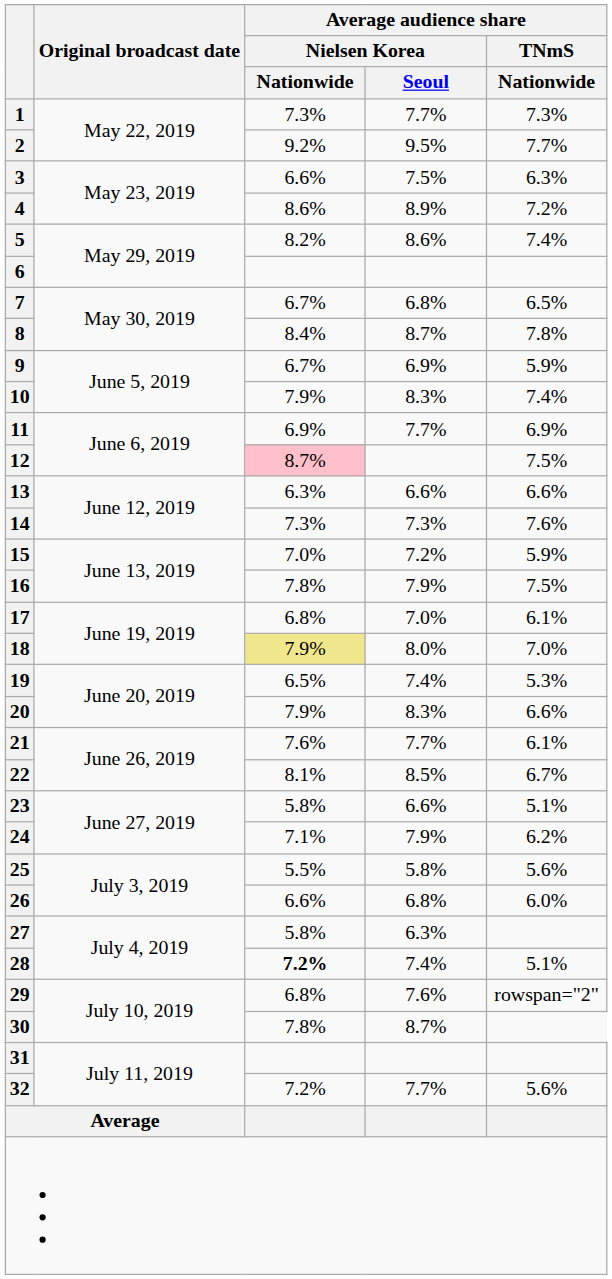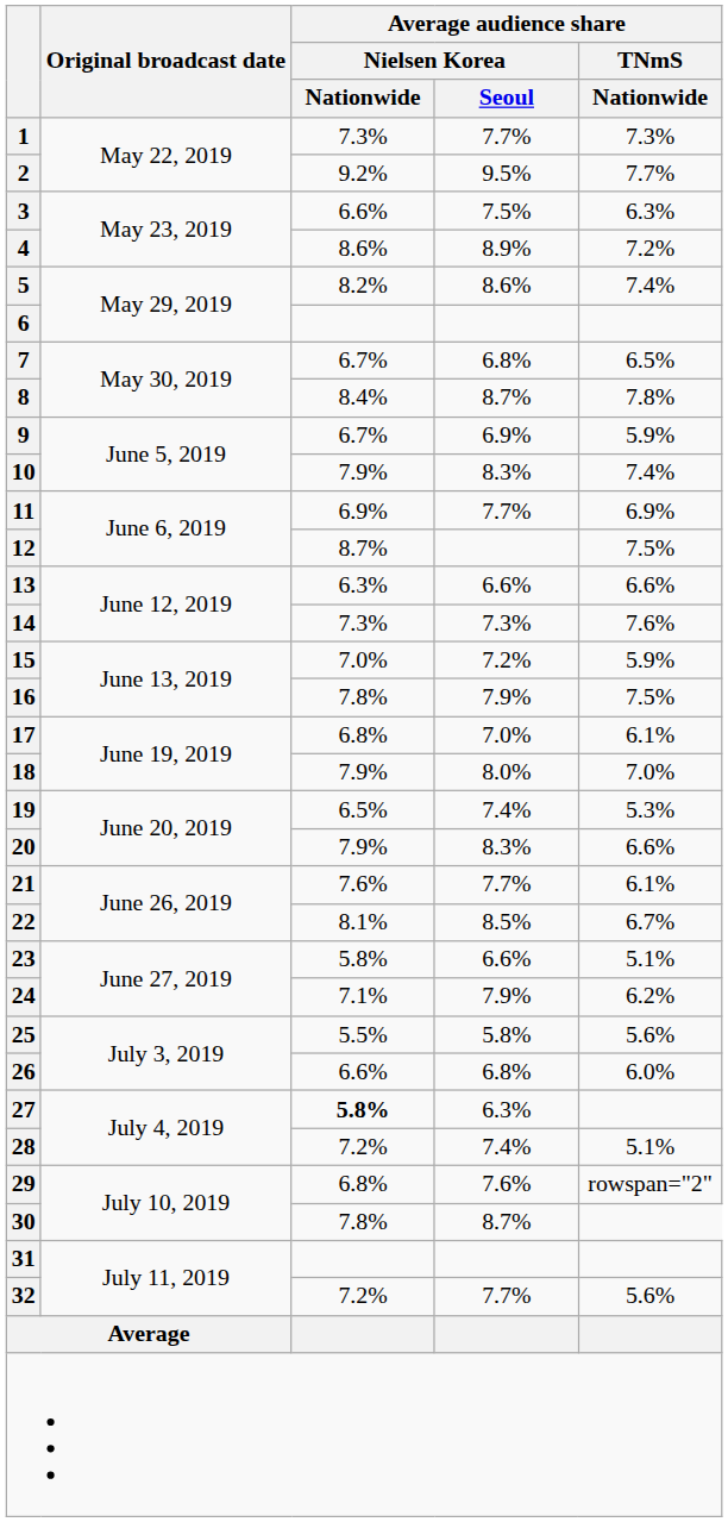 <table class="wikitable" style="text-align:center; max-width:550px; margin-left: auto; margin-right: auto; border: none;">
 <tr>
 </tr>
 <tr>
 <th rowspan="3"></th>
 <th rowspan="3">Original broadcast date</th>
 <th colspan="4">Average audience share</th>
 </tr>
 <tr>
 <th colspan="2">Nielsen Korea</th>
 <th>TNmS</th>
 </tr>
 <tr>
 <th width="90">Nationwide</th>
 <th width="90"><a href='#'>Seoul</a></th>
 <th width="90">Nationwide</th>
 </tr>
 <tr>
 <th>1</th>
 <td rowspan="2">May 22, 2019</td>
 <td>7.3% </td>
 <td>7.7% </td>
 <td>7.3%</td>
 </tr>
 <tr>
 <th>2</th>
 <td>9.2% </td>
 <td>9.5% </td>
 <td>7.7%</td>
 </tr>
 <tr>
 <th>3</th>
 <td rowspan="2">May 23, 2019</td>
 <td>6.6% </td>
 <td>7.5% </td>
 <td>6.3%</td>
 </tr>
 <tr>
 <th>4</th>
 <td>8.6% </td>
 <td>8.9% </td>
 <td>7.2%</td>
 </tr>
 <tr>
 <th>5</th>
 <td rowspan="2">May 29, 2019</td>
 <td>8.2% </td>
 <td>8.6% </td>
 <td>7.4%</td>
 </tr>
 <tr>
 <th>6</th>
 <td><strong></strong> </td>
 <td><strong></strong> </td>
 <td><strong></strong></td>
 </tr>
 <tr>
 <th>7</th>
 <td rowspan="2">May 30, 2019</td>
 <td>6.7% </td>
 <td>6.8% </td>
 <td>6.5%</td>
 </tr>
 <tr>
 <th>8</th>
 <td>8.4% </td>
 <td>8.7% </td>
 <td>7.8%</td>
 </tr>
 <tr>
 <th>9</th>
 <td rowspan="2">June 5, 2019</td>
 <td>6.7% </td>
 <td>6.9% </td>
 <td>5.9%</td>
 </tr>
 <tr>
 <th>10</th>
 <td>7.9% </td>
 <td>8.3% </td>
 <td>7.4%</td>
 </tr>
 <tr>
 <th>11</th>
 <td rowspan="2">June 6, 2019</td>
 <td>6.9% </td>
 <td>7.7% </td>
 <td>6.9%</td>
 </tr>
 <tr>
 <th>12</th>
-<td style="background: pink;">8.7% </td>
+<td>8.7% </td>
 <td><strong></strong> </td>
 <td>7.5%</td>
 </tr>
 <tr>
 <th>13</th>
 <td rowspan="2">June 12, 2019</td>
 <td>6.3% </td>
 <td>6.6% </td>
 <td>6.6%</td>
 </tr>
 <tr>
 <th>14</th>
 <td>7.3% </td>
 <td>7.3% </td>
 <td>7.6%</td>
 </tr>
 <tr>
 <th>15</th>
 <td rowspan="2">June 13, 2019</td>
 <td>7.0% </td>
 <td>7.2% </td>
 <td>5.9%</td>
 </tr>
 <tr>
 <th>16</th>
 <td>7.8% </td>
 <td>7.9% </td>
 <td>7.5%</td>
 </tr>
 <tr>
 <th>17</th>
 <td rowspan="2">June 19, 2019</td>
 <td>6.8% </td>
 <td>7.0% </td>
 <td>6.1%</td>
 </tr>
 <tr>
 <th>18</th>
-<td style="background: khaki;">7.9% </td>
+<td>7.9% </td>
 <td>8.0% </td>
 <td>7.0%</td>
 </tr>
 <tr>
 <th>19</th>
 <td rowspan="2">June 20, 2019</td>
 <td>6.5% </td>
 <td>7.4% </td>
 <td>5.3%</td>
 </tr>
 <tr>
 <th>20</th>
 <td>7.9% </td>
 <td>8.3% </td>
 <td>6.6%</td>
 </tr>
 <tr>
 <th>21</th>
 <td rowspan="2">June 26, 2019</td>
 <td>7.6% </td>
 <td>7.7% </td>
 <td>6.1%</td>
 </tr>
 <tr>
 <th>22</th>
 <td>8.1% </td>
 <td>8.5% </td>
 <td>6.7%</td>
 </tr>
 <tr>
 <th>23</th>
 <td rowspan="2">June 27, 2019</td>
 <td>5.8% </td>
 <td>6.6% </td>
 <td>5.1%</td>
 </tr>
 <tr>
 <th>24</th>
 <td>7.1% </td>
 <td>7.9% </td>
 <td>6.2%</td>
 </tr>
 <tr>
 <th>25</th>
 <td rowspan="2">July 3, 2019</td>
 <td>5.5% </td>
 <td>5.8% </td>
 <td>5.6%</td>
 </tr>
 <tr>
 <th>26</th>
 <td>6.6% </td>
 <td>6.8% </td>
 <td>6.0%</td>
 </tr>
 <tr>
 <th>27</th>
 <td rowspan="2">July 4, 2019</td>
-<td>5.8% </td>
+<td><strong>5.8% </strong></td>
 <td>6.3% </td>
 <td></td>
 </tr>
 <tr>
 <th>28</th>
-<td><strong>7.2% </strong></td>
+<td>7.2% </td>
 <td>7.4% </td>
 <td>5.1%</td>
 </tr>
 <tr>
 <th>29</th>
 <td rowspan="2">July 10, 2019</td>
 <td>6.8% </td>
 <td>7.6% </td>
 <td>rowspan="2" </td>
 </tr>
 <tr>
 <th>30</th>
 <td>7.8% </td>
 <td>8.7% </td>
 </tr>
 <tr>
 <th>31</th>
 <td rowspan="2">July 11, 2019</td>
 <td><strong></strong> </td>
 <td><strong></strong> </td>
 <td><strong></strong></td>
 </tr>
 <tr>
 <th>32</th>
 <td>7.2% </td>
 <td>7.7% </td>
 <td>5.6%</td>
 </tr>
 <tr>
 <th colspan="2">Average</th>
 <th></th>
 <th></th>
 <th></th>
 </tr>
 <tr>
 <td colspan="5"><br><ul><li></li><li></li><li></li></ul></td>
 </tr>
 </table>
